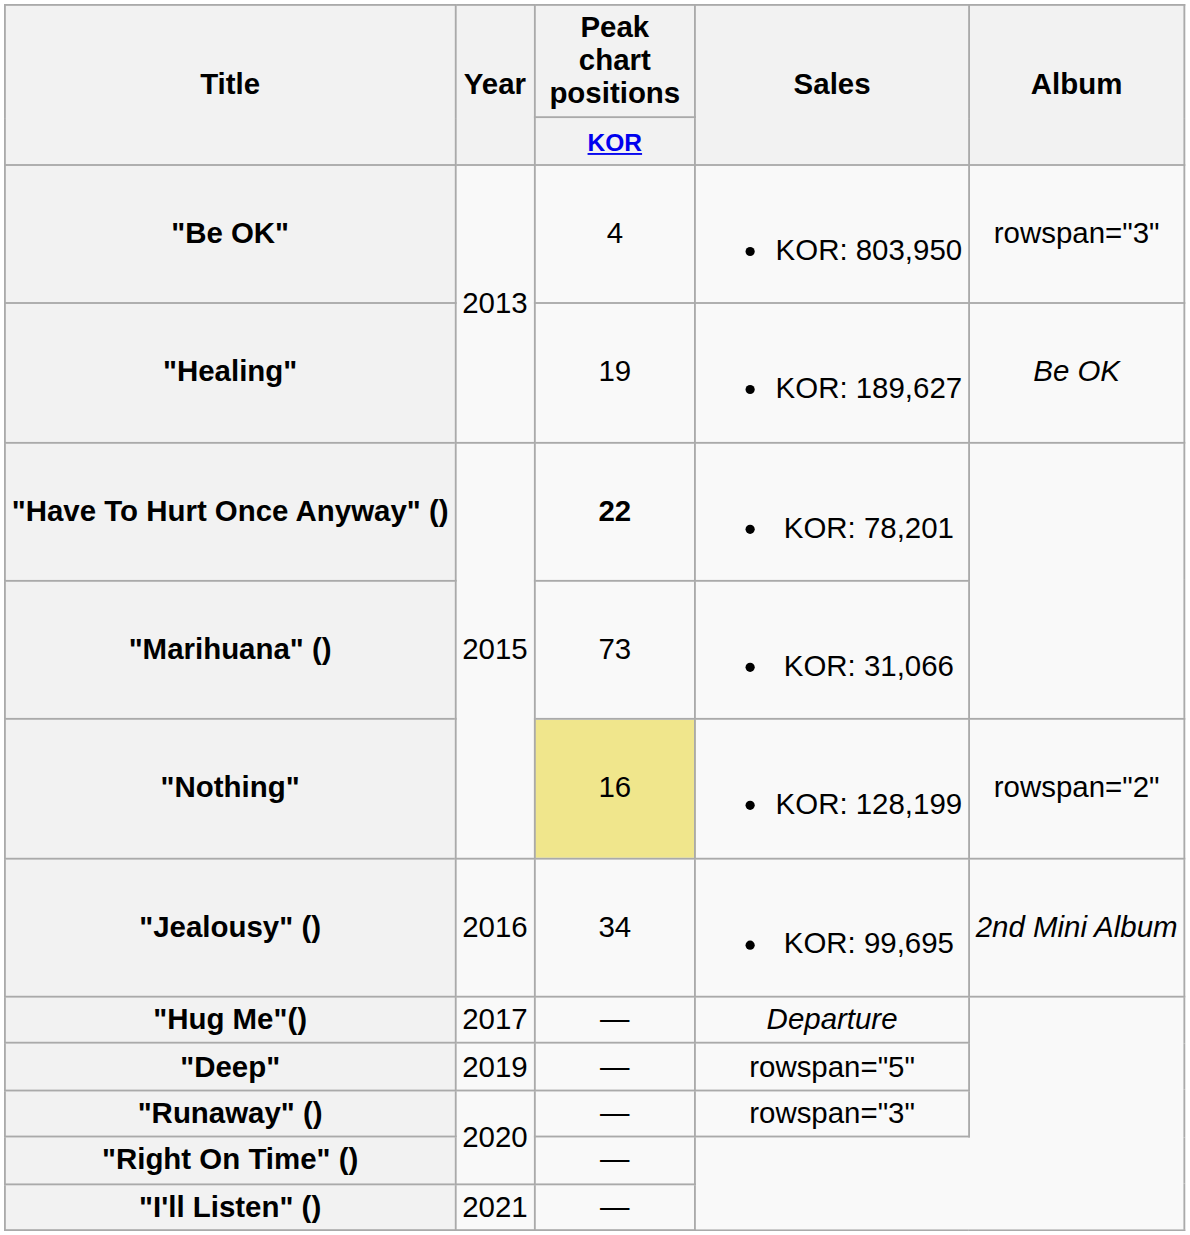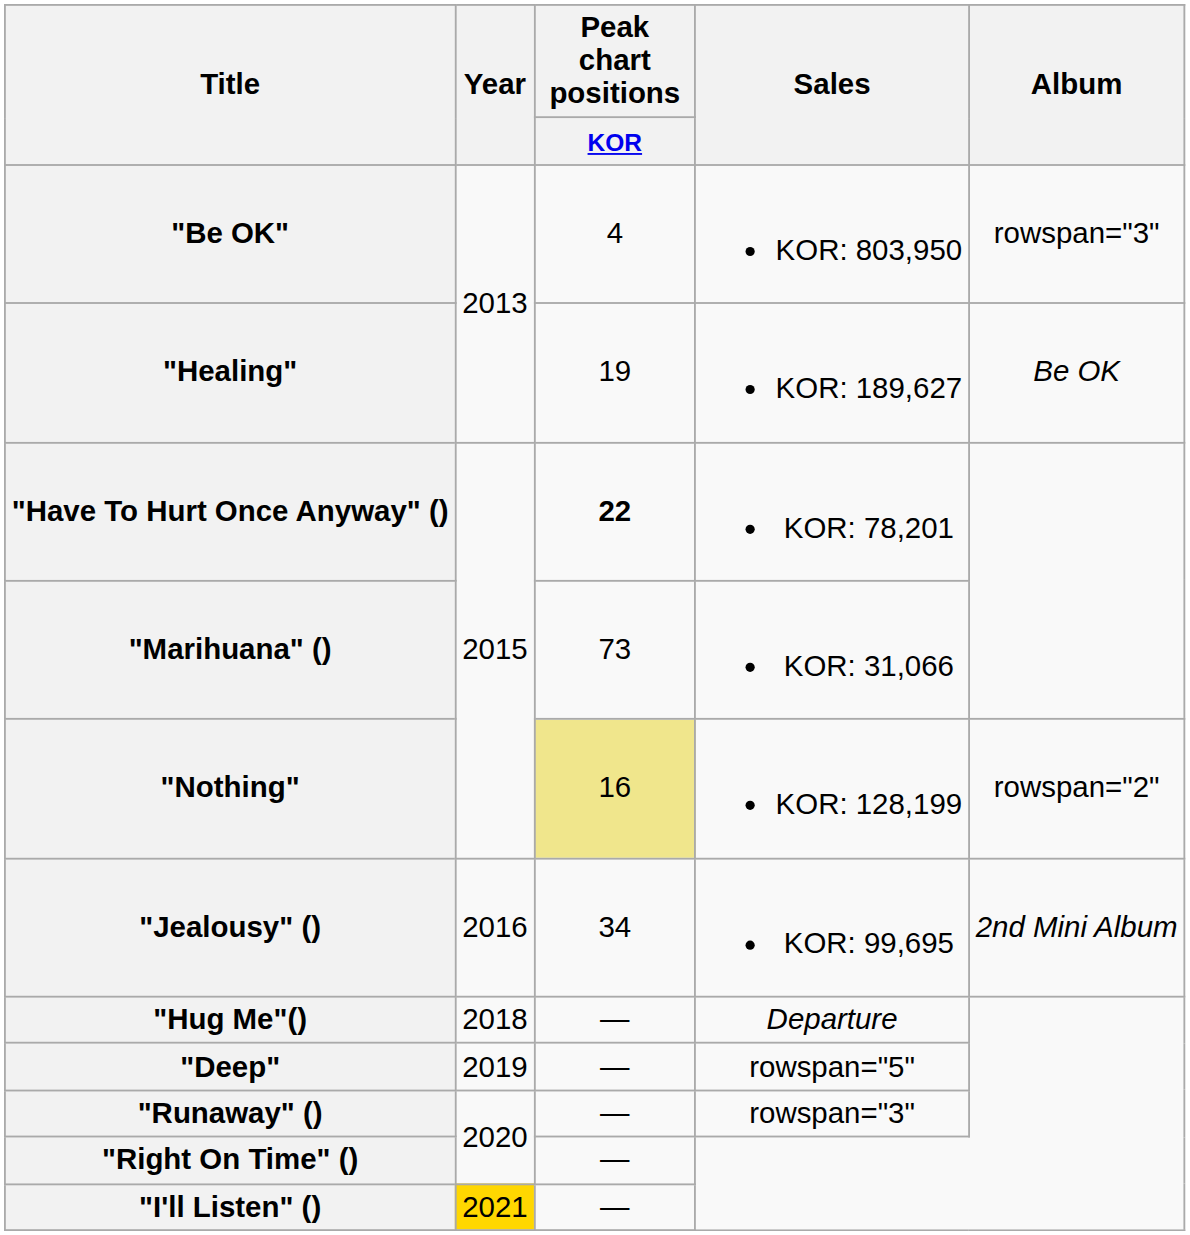 <table class="wikitable plainrowheaders" style="text-align:center;">
 <tr>
 <th scope="col" rowspan="2">Title</th>
 <th scope="col" rowspan="2">Year</th>
 <th scope="col" colspan="1" style="width:5em;">Peak chart positions</th>
 <th scope="col" rowspan="2">Sales</th>
 <th scope="col" rowspan="2">Album</th>
 </tr>
 <tr>
 <th><small><a href='#'>KOR</a></small><br></th>
 </tr>
 <tr>
 <th scope="row">"Be OK"<br></th>
 <td rowspan="2">2013</td>
 <td>4</td>
 <td><br><ul><li>KOR: 803,950</li></ul></td>
 <td>rowspan="3" </td>
 </tr>
 <tr>
 <th scope="row">"Healing"</th>
 <td>19</td>
 <td><br><ul><li>KOR: 189,627</li></ul></td>
 <td><em>Be OK</em></td>
 </tr>
 <tr>
 <th scope="row">"Have To Hurt Once Anyway" ()</th>
 <td rowspan="3">2015</td>
 <td><strong>22</strong></td>
 <td><br><ul><li>KOR: 78,201</li></ul></td>
 </tr>
 <tr>
 <th scope="row">"Marihuana" ()</th>
 <td>73</td>
 <td><br><ul><li>KOR: 31,066</li></ul></td>
 </tr>
 <tr>
 <th scope="row">"Nothing"<br></th>
 <td style="background: khaki;">16</td>
 <td><br><ul><li>KOR: 128,199</li></ul></td>
 <td>rowspan="2" </td>
 </tr>
 <tr>
 <th scope="row">"Jealousy" ()<br></th>
 <td>2016</td>
 <td>34</td>
 <td><br><ul><li>KOR: 99,695</li></ul></td>
 <td><em>2nd Mini Album</em></td>
 </tr>
 <tr>
 <th scope="row">"Hug Me"()<br></th>
-<td>2017</td>
+<td>2018</td>
 <td>—</td>
 <td><em>Departure</em></td>
 </tr>
 <tr>
 <th scope="row">"Deep"</th>
 <td>2019</td>
 <td>—</td>
 <td>rowspan="5" </td>
 </tr>
 <tr>
 <th scope="row">"Runaway" ()</th>
 <td rowspan="2">2020</td>
 <td>—</td>
 <td>rowspan="3" </td>
 </tr>
 <tr>
 <th scope="row">"Right On Time" ()</th>
 <td>—</td>
 </tr>
 <tr>
 <th scope="row">"I'll Listen" ()</th>
-<td>2021</td>
+<td style="background: gold;">2021</td>
 <td>—</td>
 </tr>
 <tr>
 </tr>
 </table>
